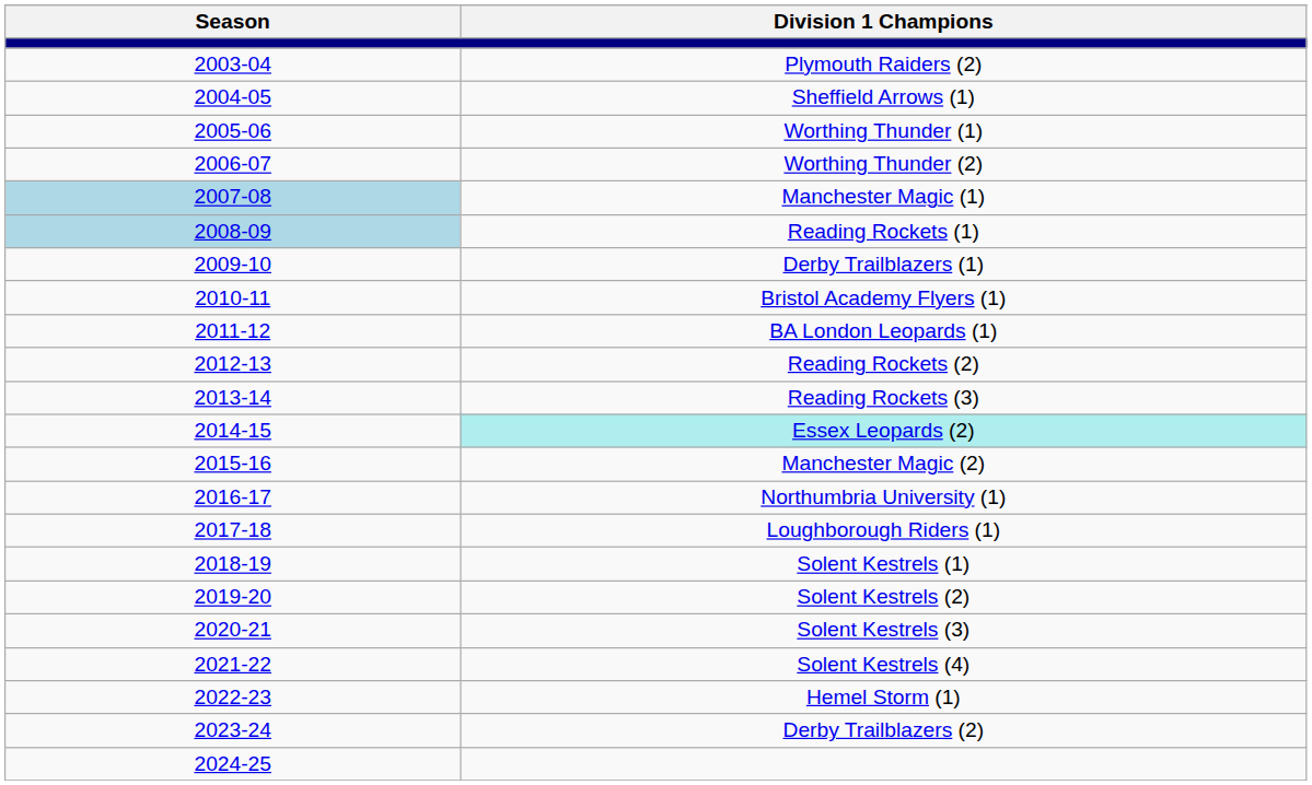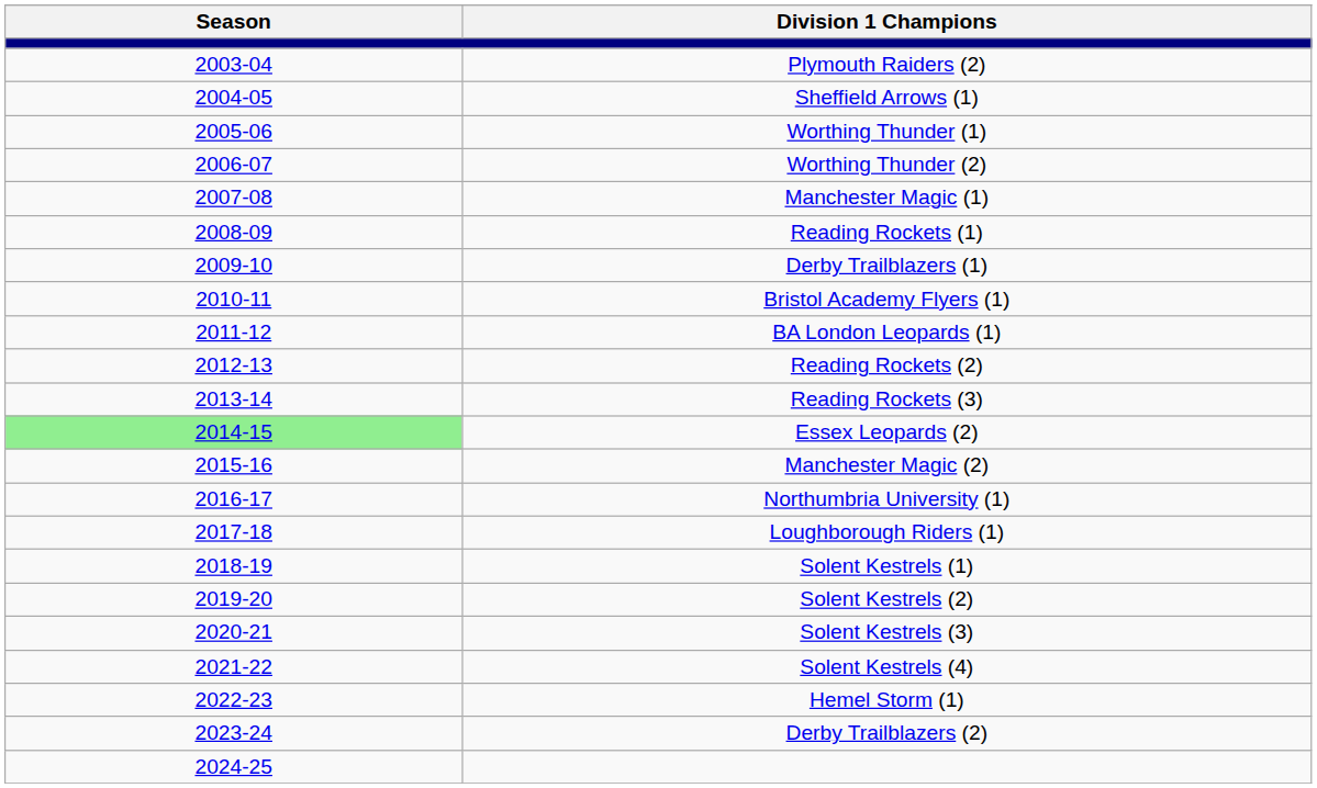 <table class="wikitable" style="text-align:center;font-size:100%;width: 50%">
 <tr bgcolor="#efefef">
 </tr>
 <tr>
 <th width=35%>Season</th>
 <th width=65%>Division 1 Champions</th>
 </tr>
 <tr>
 <td colspan="7" align=center bgcolor="navy"></td>
 </tr>
 <tr>
 <td><a href='#'>2003-04</a></td>
 <td><a href='#'>Plymouth Raiders</a> (2)</td>
 </tr>
 <tr>
 <td><a href='#'>2004-05</a></td>
 <td><a href='#'>Sheffield Arrows</a> (1)</td>
 </tr>
 <tr>
 <td><a href='#'>2005-06</a></td>
 <td><a href='#'>Worthing Thunder</a> (1)</td>
 </tr>
 <tr>
 <td><a href='#'>2006-07</a></td>
 <td><a href='#'>Worthing Thunder</a> (2)</td>
 </tr>
 <tr>
-<td style="background: lightblue;"><a href='#'>2007-08</a></td>
+<td><a href='#'>2007-08</a></td>
 <td><a href='#'>Manchester Magic</a> (1)</td>
 </tr>
 <tr>
-<td style="background: lightblue;"><a href='#'>2008-09</a></td>
+<td><a href='#'>2008-09</a></td>
 <td><a href='#'>Reading Rockets</a> (1)</td>
 </tr>
 <tr>
 <td><a href='#'>2009-10</a></td>
 <td><a href='#'>Derby Trailblazers</a> (1)</td>
 </tr>
 <tr>
 <td><a href='#'>2010-11</a></td>
 <td><a href='#'>Bristol Academy Flyers</a> (1)</td>
 </tr>
 <tr>
 <td><a href='#'>2011-12</a></td>
 <td><a href='#'>BA London Leopards</a> (1)</td>
 </tr>
 <tr>
 <td><a href='#'>2012-13</a></td>
 <td><a href='#'>Reading Rockets</a> (2)</td>
 </tr>
 <tr>
 <td><a href='#'>2013-14</a></td>
 <td><a href='#'>Reading Rockets</a> (3)</td>
 </tr>
 <tr>
-<td><a href='#'>2014-15</a></td>
-<td style="background: paleturquoise;"><a href='#'>Essex Leopards</a> (2)</td>
+<td style="background: lightgreen;"><a href='#'>2014-15</a></td>
+<td><a href='#'>Essex Leopards</a> (2)</td>
 </tr>
 <tr>
 <td><a href='#'>2015-16</a></td>
 <td><a href='#'>Manchester Magic</a> (2)</td>
 </tr>
 <tr>
 <td><a href='#'>2016-17</a></td>
 <td><a href='#'>Northumbria University</a> (1)</td>
 </tr>
 <tr>
 <td><a href='#'>2017-18</a></td>
 <td><a href='#'>Loughborough Riders</a> (1)</td>
 </tr>
 <tr>
 <td><a href='#'>2018-19</a></td>
 <td><a href='#'>Solent Kestrels</a> (1)</td>
 </tr>
 <tr>
 <td><a href='#'>2019-20</a></td>
 <td><a href='#'>Solent Kestrels</a> (2)</td>
 </tr>
 <tr>
 <td><a href='#'>2020-21</a></td>
 <td><a href='#'>Solent Kestrels</a> (3)</td>
 </tr>
 <tr>
 <td><a href='#'>2021-22</a></td>
 <td><a href='#'>Solent Kestrels</a> (4)</td>
 </tr>
 <tr>
 <td><a href='#'>2022-23</a></td>
 <td><a href='#'>Hemel Storm</a> (1)</td>
 </tr>
 <tr>
 <td><a href='#'>2023-24</a></td>
 <td><a href='#'>Derby Trailblazers</a> (2)</td>
 </tr>
 <tr>
 <td><a href='#'>2024-25</a></td>
 <td></td>
 </tr>
 </table>
